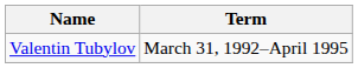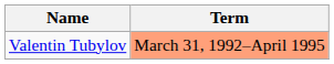 <table class="wikitable">
 <tr>
 <th>Name</th>
 <th>Term</th>
 </tr>
 <tr>
 <td><a href='#'>Valentin Tubylov</a></td>
-<td>March 31, 1992–April 1995</td>
+<td style="background: lightsalmon;">March 31, 1992–April 1995</td>
 </tr>
 <tr>
 </tr>
 </table>
